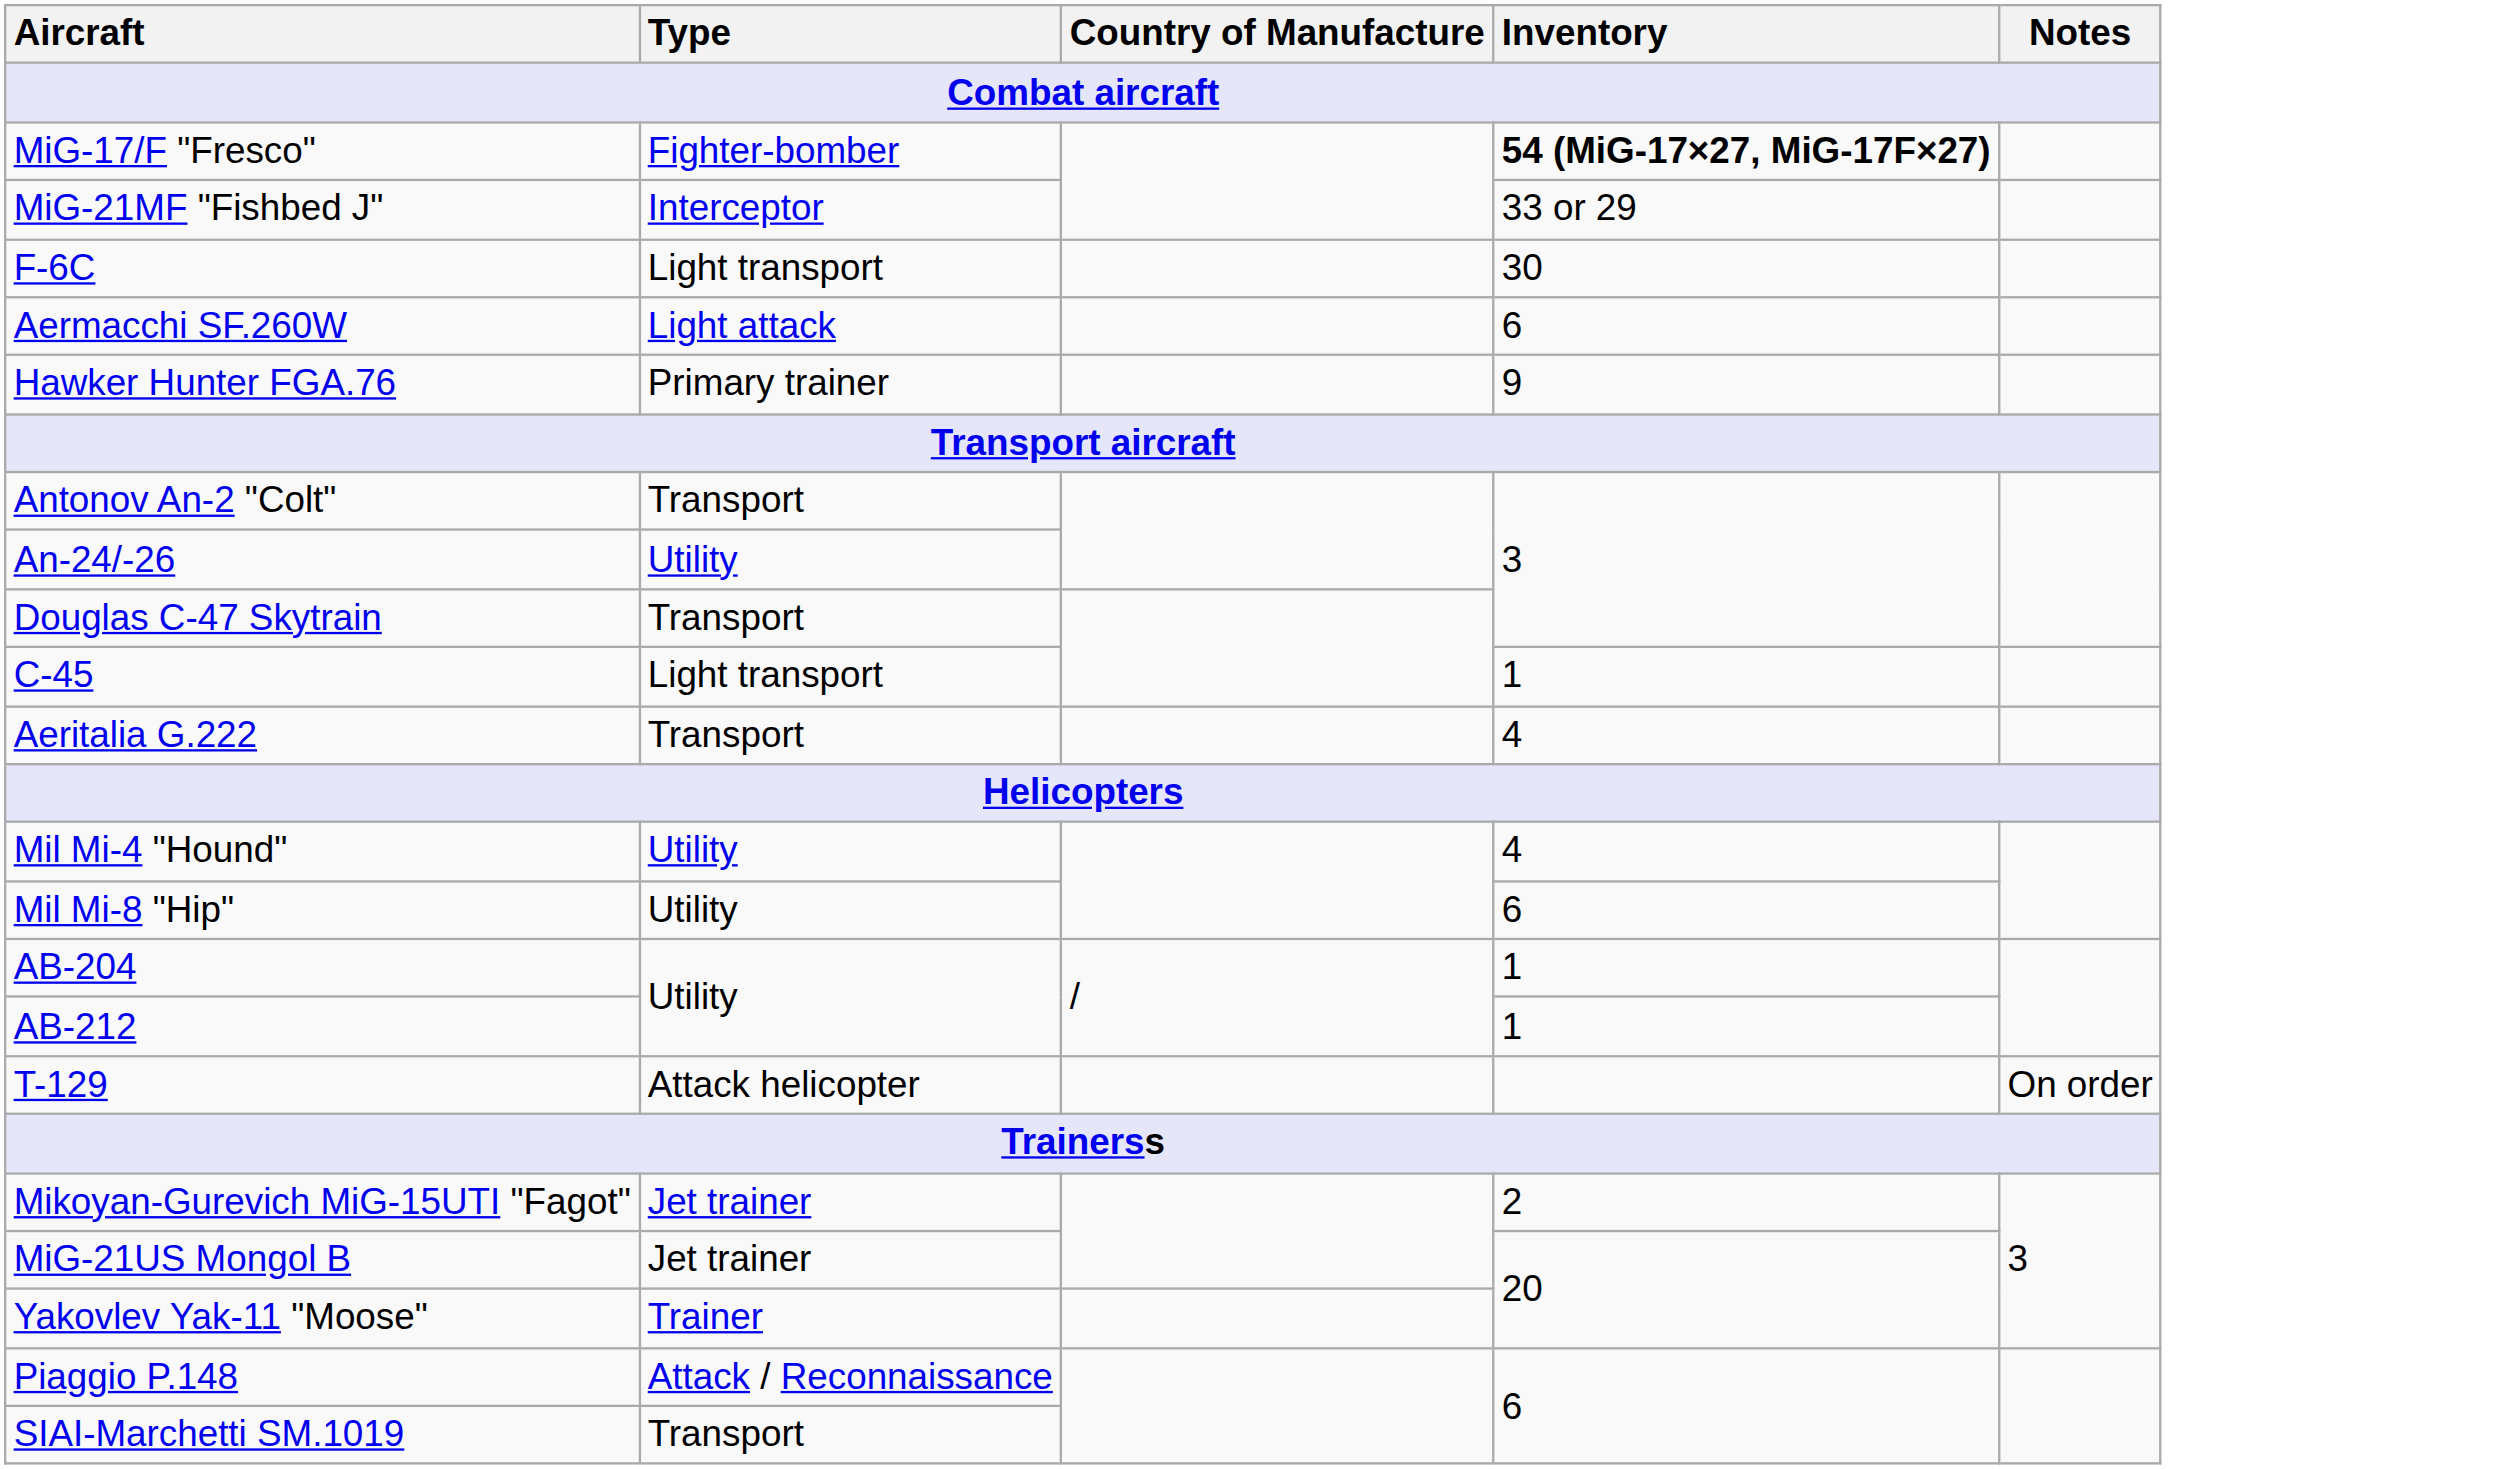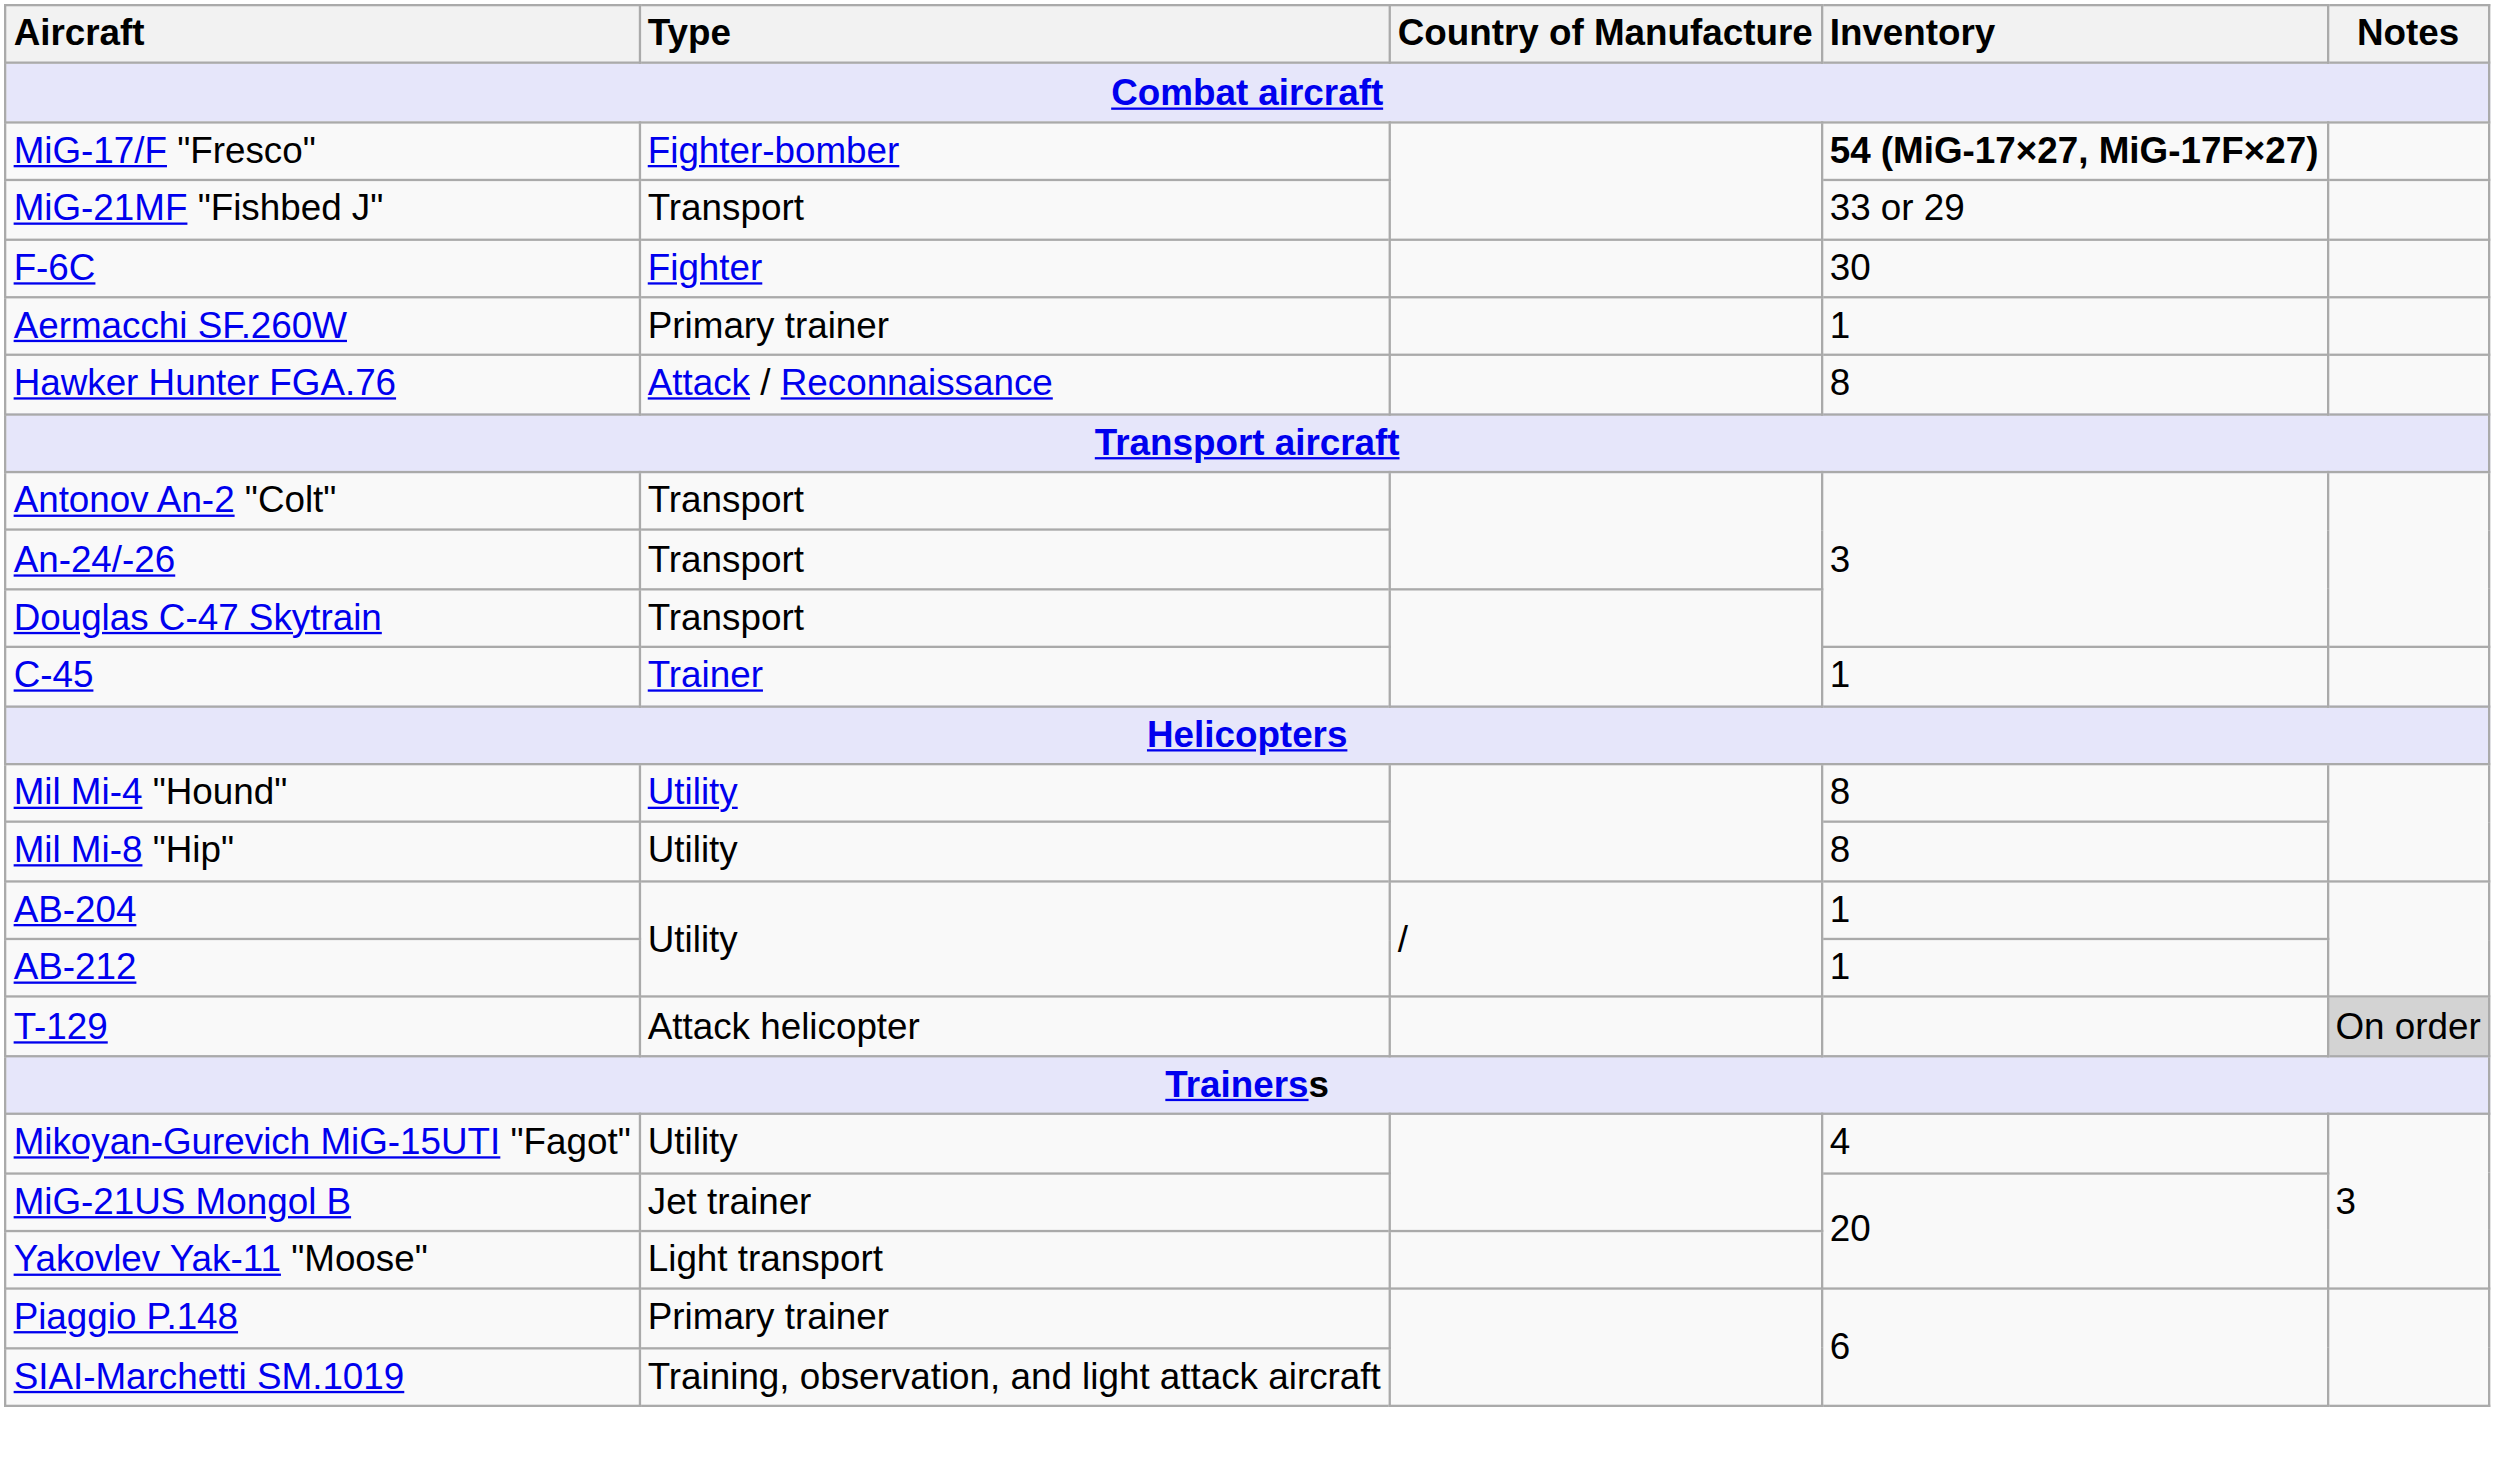 <table class="wikitable">
 <tr>
 <th style="text-align: left;">Aircraft</th>
 <th style="text-align: left;">Type</th>
 <th style="text-align: left;">Country of Manufacture</th>
 <th style="text-align: left;">Inventory</th>
 <th style="text-align: center;">Notes</th>
 </tr>
 <tr>
 <th colspan="5" style="align: center; background: lavender;"><strong><a href='#'>Combat aircraft</a></strong></th>
 </tr>
 <tr>
 <td><a href='#'>MiG-17/F</a> "Fresco"</td>
 <td><a href='#'>Fighter-bomber</a></td>
 <td rowspan="2"></td>
 <td><strong>54 (MiG-17×27, MiG-17F×27)</strong></td>
 <td></td>
 </tr>
 <tr>
 <td><a href='#'>MiG-21MF</a> "Fishbed J"</td>
-<td><a href='#'>Interceptor</a></td>
+<td>Transport</td>
 <td>33 or 29</td>
 <td></td>
 </tr>
 <tr>
 <td><a href='#'>F-6C</a></td>
-<td>Light transport</td>
+<td><a href='#'>Fighter</a></td>
 <td></td>
 <td>30</td>
 <td></td>
 </tr>
 <tr>
 <td><a href='#'>Aermacchi SF.260W</a></td>
-<td><a href='#'>Light attack</a></td>
+<td>Primary trainer</td>
 <td></td>
-<td>6</td>
+<td>1</td>
 <td></td>
 </tr>
 <tr>
 <td><a href='#'>Hawker Hunter FGA.76</a></td>
-<td>Primary trainer</td>
+<td><a href='#'>Attack</a> / <a href='#'>Reconnaissance</a></td>
 <td></td>
-<td>9</td>
+<td>8</td>
 <td></td>
 </tr>
 <tr>
 <th colspan="5" style="align: center; background: lavender;"><strong><a href='#'>Transport aircraft</a></strong></th>
 </tr>
 <tr>
 <td><a href='#'>Antonov An-2</a> "Colt"</td>
 <td>Transport</td>
 <td rowspan="2"></td>
 <td rowspan="3">3</td>
 <td rowspan="3"></td>
 </tr>
 <tr>
 <td><a href='#'>An-24/-26</a></td>
-<td><a href='#'>Utility</a></td>
+<td>Transport</td>
 </tr>
 <tr>
 <td><a href='#'>Douglas C-47 Skytrain</a></td>
 <td>Transport</td>
 <td rowspan="2"></td>
 </tr>
 <tr>
 <td><a href='#'>C-45</a></td>
-<td>Light transport</td>
+<td><a href='#'>Trainer</a></td>
 <td>1</td>
-<td></td>
-</tr>
-<tr>
-<td><a href='#'>Aeritalia G.222</a></td>
-<td>Transport</td>
-<td></td>
-<td>4</td>
 <td></td>
 </tr>
 <tr>
 <th colspan="5" style="align: center; background: lavender;"><strong><a href='#'>Helicopters</a></strong></th>
 </tr>
 <tr>
 <td><a href='#'>Mil Mi-4</a> "Hound"</td>
 <td><a href='#'>Utility</a></td>
 <td rowspan="2"></td>
-<td>4</td>
+<td>8</td>
 <td rowspan="2"></td>
 </tr>
 <tr>
 <td><a href='#'>Mil Mi-8</a> "Hip"</td>
 <td>Utility</td>
-<td>6</td>
+<td>8</td>
 </tr>
 <tr>
 <td><a href='#'>AB-204</a></td>
 <td rowspan="2">Utility</td>
 <td rowspan="2"> / </td>
 <td>1</td>
 <td rowspan="2"></td>
 </tr>
 <tr>
 <td><a href='#'>AB-212</a></td>
 <td>1</td>
 </tr>
 <tr>
 <td><a href='#'>T-129</a></td>
 <td>Attack helicopter</td>
 <td></td>
 <td></td>
-<td>On order</td>
+<td style="background: lightgrey;">On order</td>
 </tr>
 <tr>
 <th colspan="5" style="align: center; background: lavender;"><strong><a href='#'>Trainers</a>s</strong></th>
 </tr>
 <tr>
 <td><a href='#'>Mikoyan-Gurevich MiG-15UTI</a> "Fagot"</td>
-<td><a href='#'>Jet trainer</a></td>
+<td>Utility</td>
 <td rowspan="2"></td>
-<td>2</td>
+<td>4</td>
 <td rowspan="3">3</td>
 </tr>
 <tr>
 <td><a href='#'>MiG-21US Mongol B</a></td>
 <td>Jet trainer</td>
 <td rowspan="2">20</td>
 </tr>
 <tr>
 <td><a href='#'>Yakovlev Yak-11</a> "Moose"</td>
-<td><a href='#'>Trainer</a></td>
+<td>Light transport</td>
 <td></td>
 </tr>
 <tr>
 <td><a href='#'>Piaggio P.148</a></td>
-<td><a href='#'>Attack</a> / <a href='#'>Reconnaissance</a></td>
+<td>Primary trainer</td>
 <td rowspan="2"></td>
 <td rowspan="2">6</td>
 <td rowspan="2"></td>
 </tr>
 <tr>
 <td><a href='#'>SIAI-Marchetti SM.1019</a></td>
-<td>Transport</td>
+<td>Training, observation, and light attack aircraft</td>
 </tr>
 </table>
